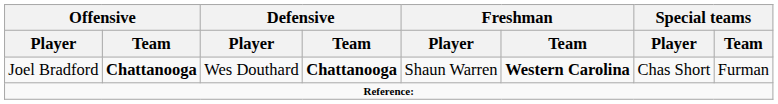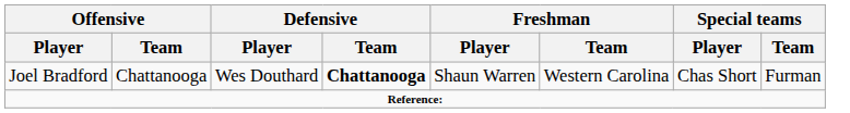 <table class="wikitable" border="1">
 <tr>
 <th colspan="2">Offensive</th>
 <th colspan="2">Defensive</th>
 <th colspan="2">Freshman</th>
 <th colspan="2">Special teams</th>
 </tr>
 <tr>
 <th>Player</th>
 <th>Team</th>
 <th>Player</th>
 <th>Team</th>
 <th>Player</th>
 <th>Team</th>
 <th>Player</th>
 <th>Team</th>
 </tr>
 <tr>
 <td>Joel Bradford</td>
-<td><strong>Chattanooga</strong></td>
+<td>Chattanooga</td>
 <td>Wes Douthard</td>
 <td><strong>Chattanooga</strong></td>
 <td>Shaun Warren</td>
-<td><strong>Western Carolina</strong></td>
+<td>Western Carolina</td>
 <td>Chas Short</td>
 <td>Furman</td>
 </tr>
 <tr>
 <td colspan="8" style="font-size: 8pt" align="center"><strong>Reference:</strong></td>
 </tr>
 </table>
